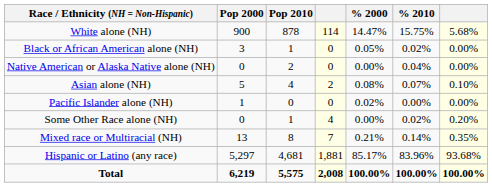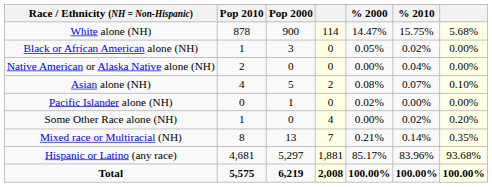 <table class="wikitable" style="text-align:center;">
 <tr>
 <th>Race / Ethnicity <small>(<em>NH = Non-Hispanic</em>)</small></th>
+<th>Pop 2010</th>
 <th>Pop 2000</th>
-<th>Pop 2010</th>
 <th></th>
 <th>% 2000</th>
 <th>% 2010</th>
 <th></th>
 </tr>
 <tr>
 <td><a href='#'>White</a> alone (NH)</td>
+<td>878</td>
 <td>900</td>
-<td>878</td>
 <td style='background: #ffffe6;'>114</td>
 <td>14.47%</td>
 <td>15.75%</td>
 <td style='background: #ffffe6;'>5.68%</td>
 </tr>
 <tr>
 <td><a href='#'>Black or African American</a> alone (NH)</td>
+<td>1</td>
 <td>3</td>
-<td>1</td>
 <td style='background: #ffffe6;'>0</td>
 <td>0.05%</td>
 <td>0.02%</td>
 <td style='background: #ffffe6;'>0.00%</td>
 </tr>
 <tr>
 <td><a href='#'>Native American</a> or <a href='#'>Alaska Native</a> alone (NH)</td>
+<td>2</td>
 <td>0</td>
-<td>2</td>
 <td style='background: #ffffe6;'>0</td>
 <td>0.00%</td>
 <td>0.04%</td>
 <td style='background: #ffffe6;'>0.00%</td>
 </tr>
 <tr>
 <td><a href='#'>Asian</a> alone (NH)</td>
+<td>4</td>
 <td>5</td>
-<td>4</td>
 <td style='background: #ffffe6;'>2</td>
 <td>0.08%</td>
 <td>0.07%</td>
 <td style='background: #ffffe6;'>0.10%</td>
 </tr>
 <tr>
 <td><a href='#'>Pacific Islander</a> alone (NH)</td>
+<td>0</td>
 <td>1</td>
-<td>0</td>
 <td style='background: #ffffe6;'>0</td>
 <td>0.02%</td>
 <td>0.00%</td>
 <td style='background: #ffffe6;'>0.00%</td>
 </tr>
 <tr>
 <td>Some Other Race alone (NH)</td>
+<td>1</td>
 <td>0</td>
-<td>1</td>
 <td style='background: #ffffe6;'>4</td>
 <td>0.00%</td>
 <td>0.02%</td>
 <td style='background: #ffffe6;'>0.20%</td>
 </tr>
 <tr>
 <td><a href='#'>Mixed race or Multiracial</a> (NH)</td>
+<td>8</td>
 <td>13</td>
-<td>8</td>
 <td style='background: #ffffe6;'>7</td>
 <td>0.21%</td>
 <td>0.14%</td>
 <td style='background: #ffffe6;'>0.35%</td>
 </tr>
 <tr>
 <td><a href='#'>Hispanic or Latino</a> (any race)</td>
+<td>4,681</td>
 <td>5,297</td>
-<td>4,681</td>
 <td style='background: #ffffe6;'>1,881</td>
 <td>85.17%</td>
 <td>83.96%</td>
 <td style='background: #ffffe6;'>93.68%</td>
 </tr>
 <tr>
 <td><strong>Total</strong></td>
+<td><strong>5,575</strong></td>
 <td><strong>6,219</strong></td>
-<td><strong>5,575</strong></td>
 <td style='background: #ffffe6;'><strong>2,008</strong></td>
 <td><strong>100.00%</strong></td>
 <td><strong>100.00%</strong></td>
 <td style='background: #ffffe6;'><strong>100.00%</strong></td>
 </tr>
 </table>
